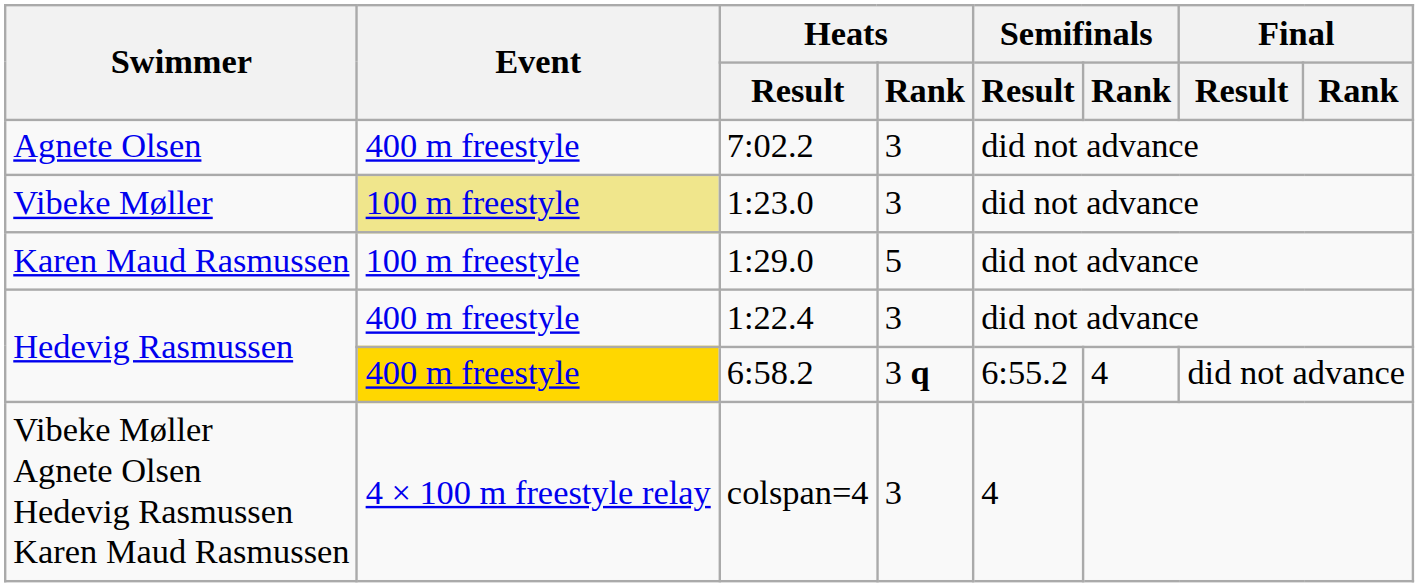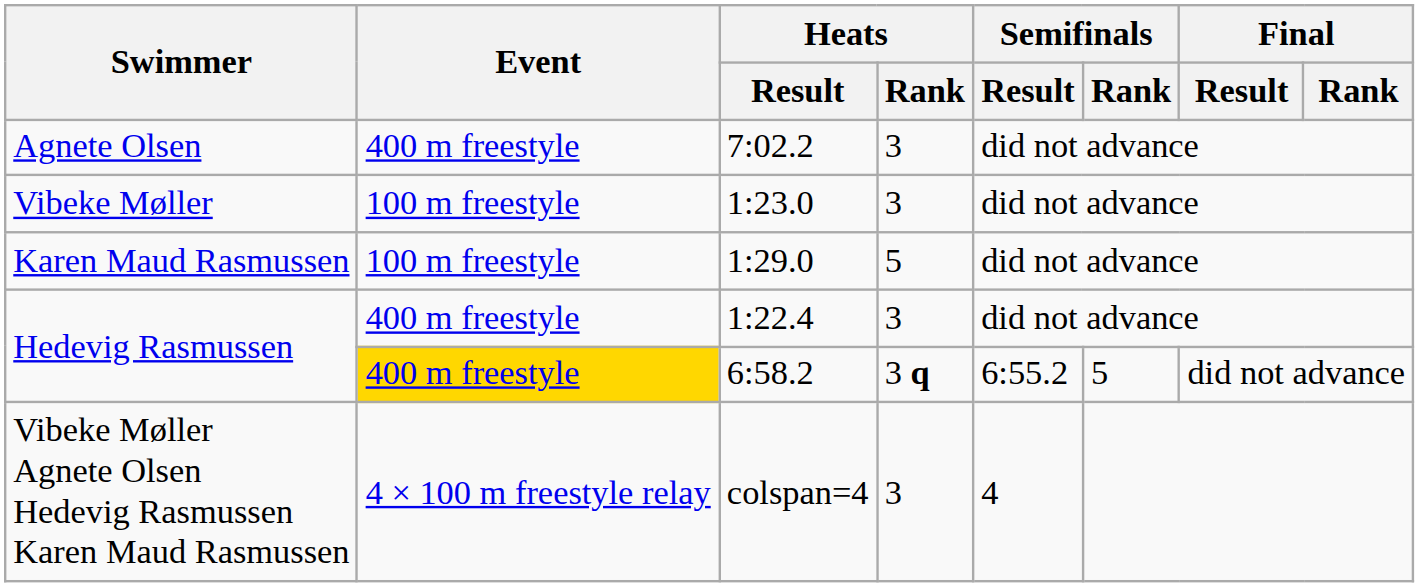 <table class=wikitable style="font-size:90%" style="text-align:center">
 <tr>
 <th rowspan=2>Swimmer</th>
 <th rowspan=2>Event</th>
 <th colspan=2>Heats</th>
 <th colspan=2>Semifinals</th>
 <th colspan=2>Final</th>
 </tr>
 <tr>
 <th>Result</th>
 <th>Rank</th>
 <th>Result</th>
 <th>Rank</th>
 <th>Result</th>
 <th>Rank</th>
 </tr>
 <tr>
 <td align=left><a href='#'>Agnete Olsen</a></td>
 <td align=left><a href='#'>400 m freestyle</a></td>
 <td>7:02.2</td>
 <td>3</td>
 <td colspan=4>did not advance</td>
 </tr>
 <tr>
 <td align=left><a href='#'>Vibeke Møller</a></td>
-<td align=left style="background: khaki;"><a href='#'>100 m freestyle</a></td>
+<td align=left><a href='#'>100 m freestyle</a></td>
 <td>1:23.0</td>
 <td>3</td>
 <td colspan=4>did not advance</td>
 </tr>
 <tr>
 <td align=left><a href='#'>Karen Maud Rasmussen</a></td>
 <td align=left><a href='#'>100 m freestyle</a></td>
 <td>1:29.0</td>
 <td>5</td>
 <td colspan=4>did not advance</td>
 </tr>
 <tr>
 <td rowspan=2 align=left><a href='#'>Hedevig Rasmussen</a></td>
 <td align=left><a href='#'>400 m freestyle</a></td>
 <td>1:22.4</td>
 <td>3</td>
 <td colspan=4>did not advance</td>
 </tr>
 <tr>
 <td align=left style="background: gold;"><a href='#'>400 m freestyle</a></td>
 <td>6:58.2</td>
 <td>3 <strong>q</strong></td>
 <td>6:55.2</td>
-<td>4</td>
+<td>5</td>
 <td colspan=2>did not advance</td>
 </tr>
 <tr>
 <td align=left>Vibeke Møller <br> Agnete Olsen <br> Hedevig Rasmussen <br> Karen Maud Rasmussen</td>
 <td align=left><a href='#'>4 × 100 m freestyle relay</a></td>
 <td>colspan=4 </td>
 <td>3</td>
 <td>4</td>
 </tr>
 </table>
